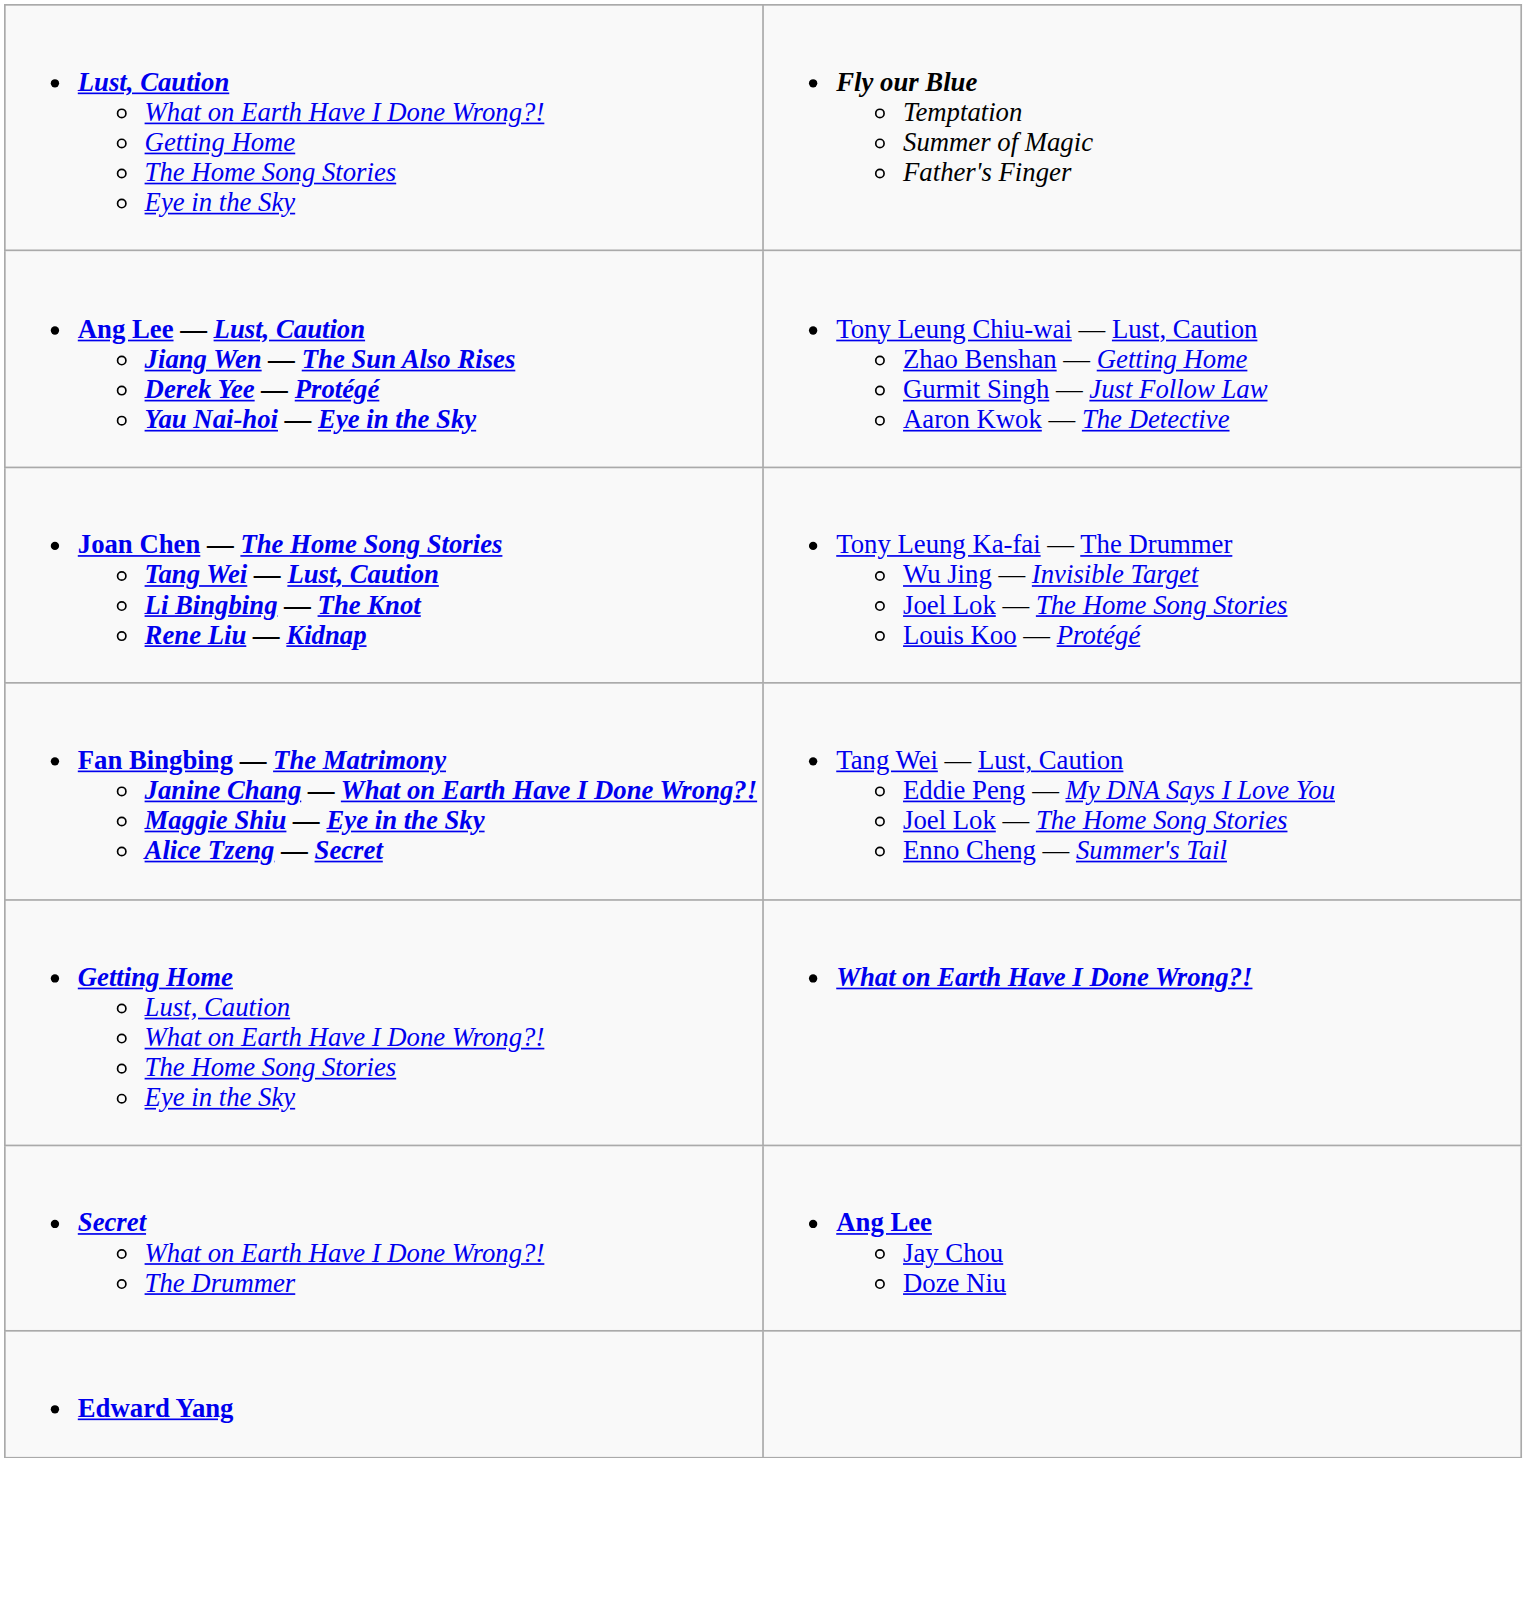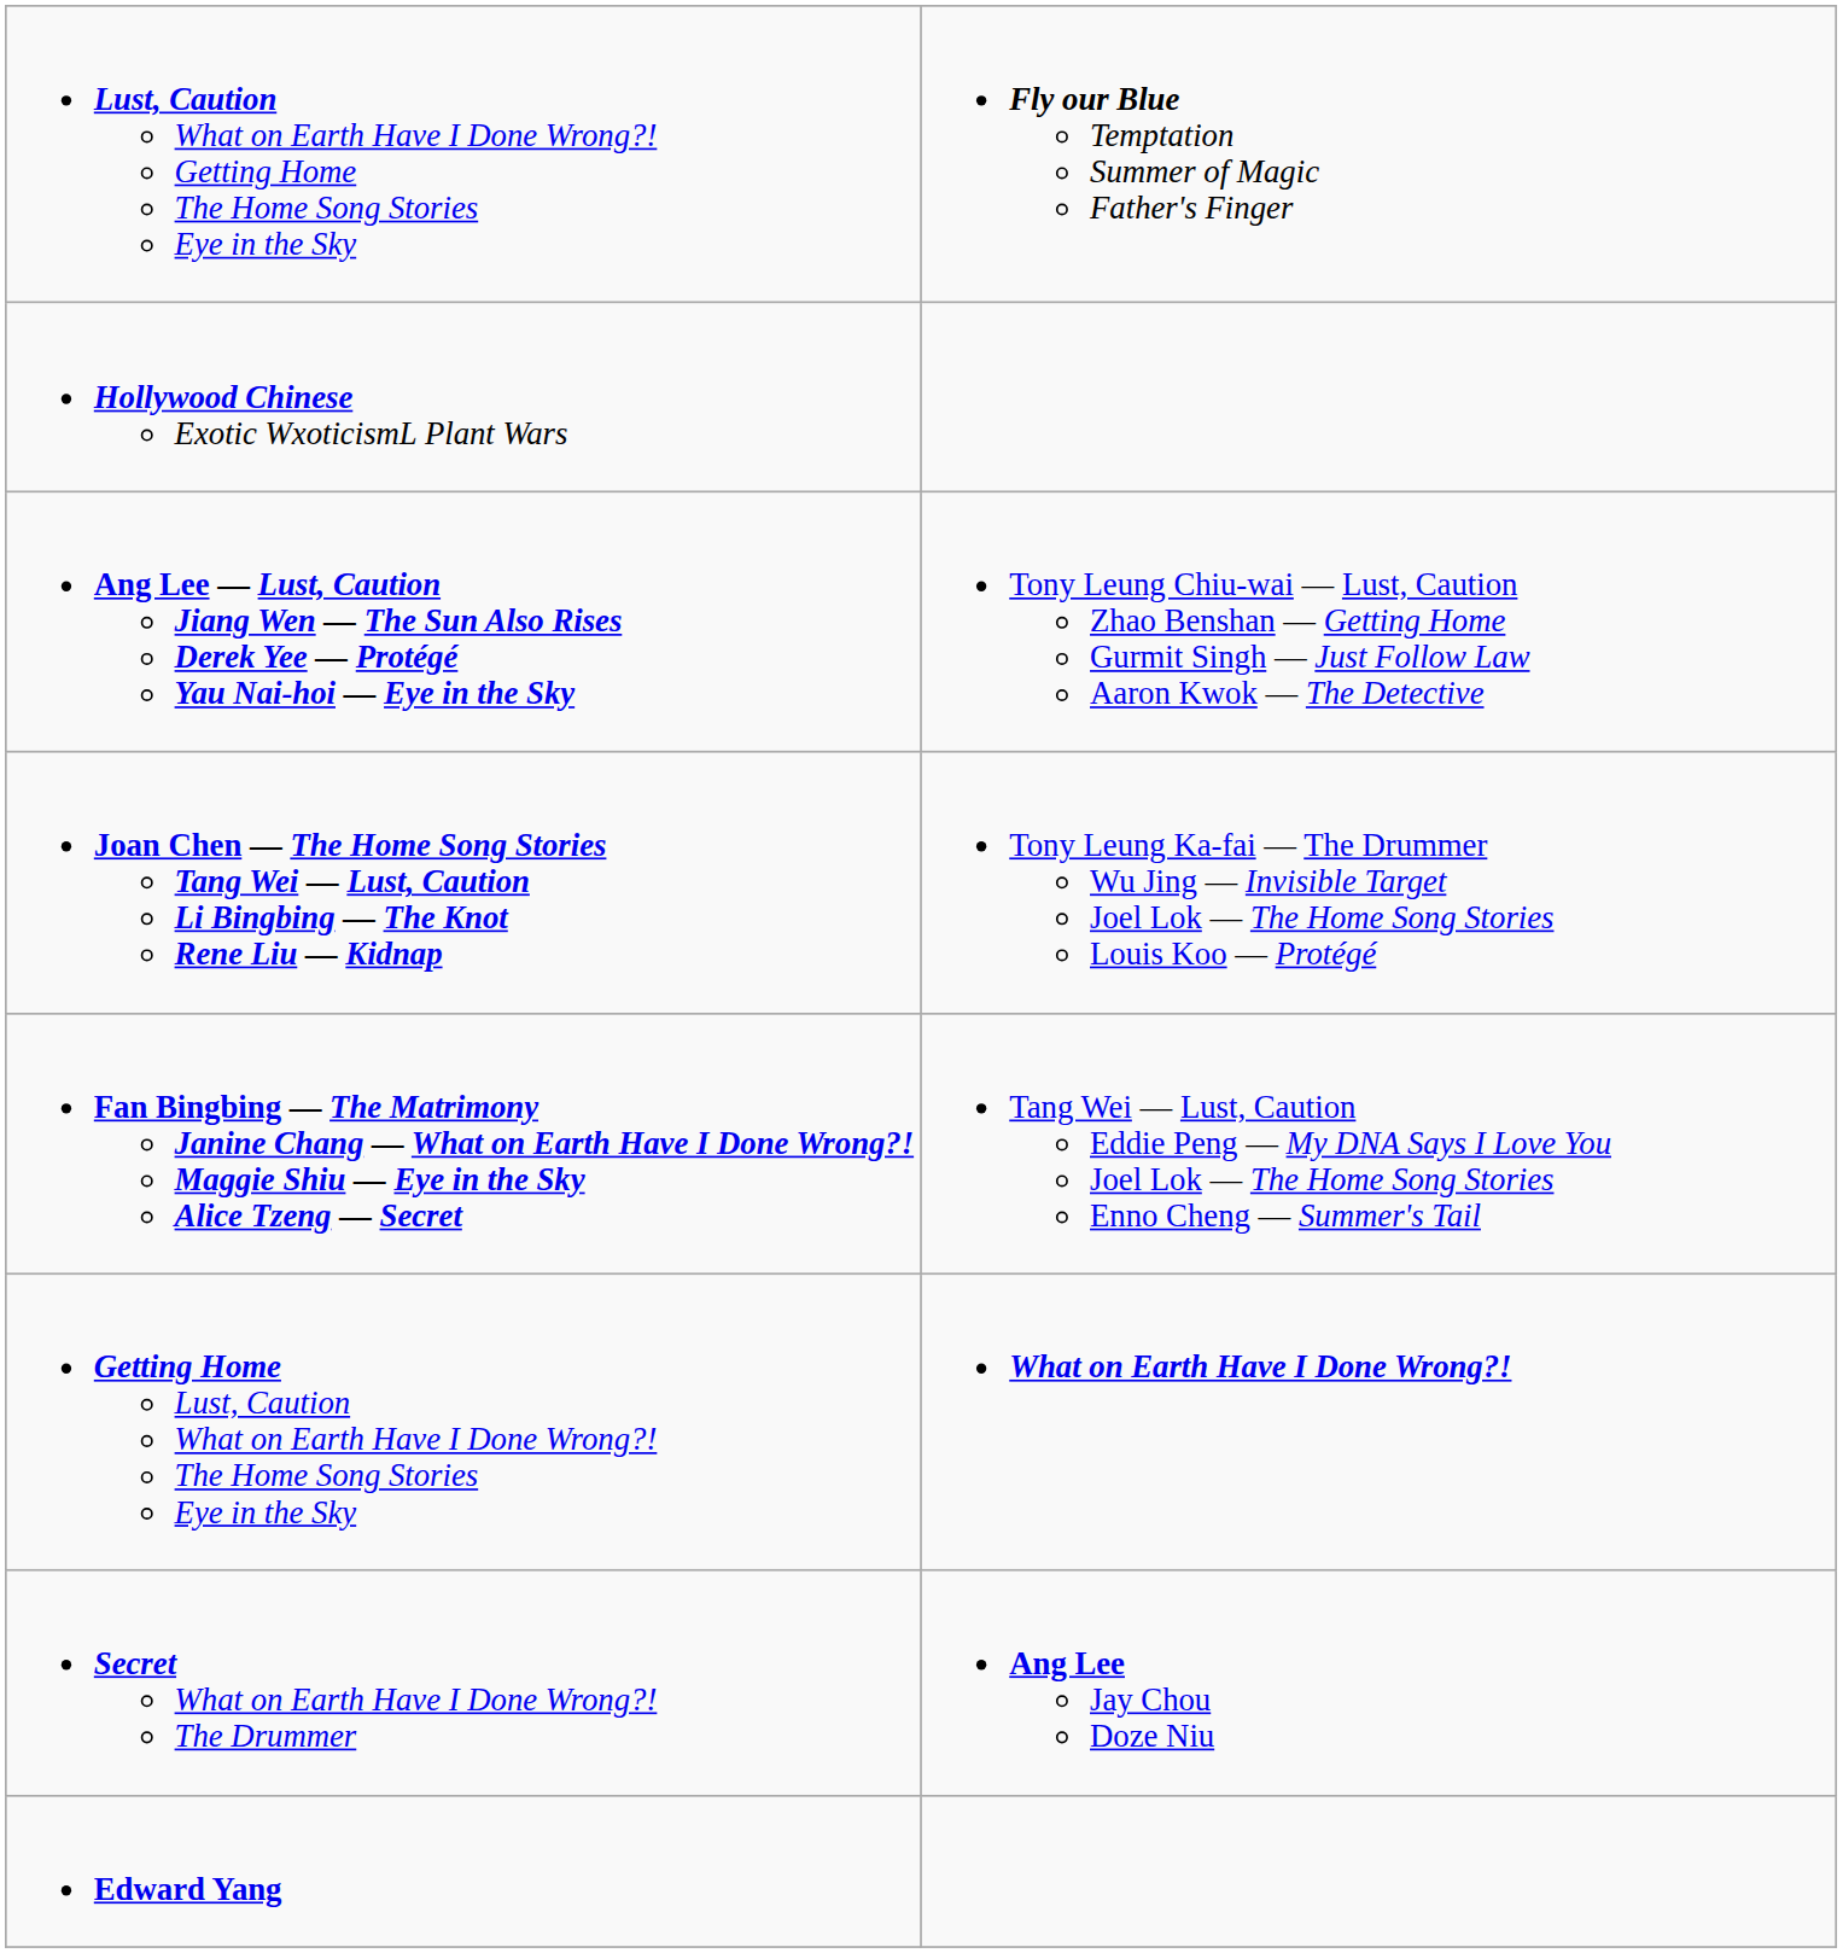 <table class=wikitable>
 <tr>
 <td valign="top" width="50%"><br><ul><li><strong><em><a href='#'>Lust, Caution</a></em></strong><ul><li><em><a href='#'>What on Earth Have I Done Wrong?!</a></em></li><li><em><a href='#'>Getting Home</a></em></li><li><em><a href='#'>The Home Song Stories</a></em></li><li><em><a href='#'>Eye in the Sky</a></em></li></ul></li></ul></td>
 <td valign="top" width="50%"><br><ul><li><strong><em>Fly our Blue</em></strong><ul><li><em>Temptation</em></li><li><em>Summer of Magic</em></li><li><em>Father's Finger</em></li></ul></li></ul></td>
+</tr>
+<tr>
+<td valign="top" width="50%"><br><ul><li><strong><em><a href='#'>Hollywood Chinese</a></em></strong><ul><li><em>Exotic WxoticismL Plant Wars</em></li></ul></li></ul></td>
+<td valign="top" width="50%"><br> </td>
 </tr>
 <tr>
 <td valign="top" width="50%"><br><ul><li><strong><a href='#'>Ang Lee</a> — <em><a href='#'>Lust, Caution</a><strong><em><ul><li><a href='#'>Jiang Wen</a>  — </em><a href='#'>The Sun Also Rises</a><em></li><li><a href='#'>Derek Yee</a> — </em><a href='#'>Protégé</a><em></li><li><a href='#'>Yau Nai-hoi</a> — </em><a href='#'>Eye in the Sky</a><em></li></ul></li></ul></td>
 <td valign="top" width="50%"><br><ul><li></strong><a href='#'>Tony Leung Chiu-wai</a> — </em><a href='#'>Lust, Caution</a></em></strong><ul><li><a href='#'>Zhao Benshan</a> — <em><a href='#'>Getting Home</a></em></li><li><a href='#'>Gurmit Singh</a> — <em><a href='#'>Just Follow Law</a></em></li><li><a href='#'>Aaron Kwok</a> — <em><a href='#'>The Detective</a></em></li></ul></li></ul></td>
 </tr>
 <tr>
 <td valign="top" width="50%"><br><ul><li><strong><a href='#'>Joan Chen</a> — <em><a href='#'>The Home Song Stories</a><strong><em><ul><li><a href='#'>Tang Wei</a> — </em><a href='#'>Lust, Caution</a><em></li><li><a href='#'>Li Bingbing</a> — </em><a href='#'>The Knot</a><em></li><li><a href='#'>Rene Liu</a> — </em><a href='#'>Kidnap</a><em></li></ul></li></ul></td>
 <td valign="top" width="50%"><br><ul><li></strong><a href='#'>Tony Leung Ka-fai</a> — </em><a href='#'>The Drummer</a></em></strong><ul><li><a href='#'>Wu Jing</a> — <em><a href='#'>Invisible Target</a></em></li><li><a href='#'>Joel Lok</a> — <em><a href='#'>The Home Song Stories</a></em></li><li><a href='#'>Louis Koo</a> — <em><a href='#'>Protégé</a></em></li></ul></li></ul></td>
 </tr>
 <tr>
 <td valign="top" width="50%"><br><ul><li><strong><a href='#'>Fan Bingbing</a> — <em><a href='#'>The Matrimony</a><strong><em><ul><li><a href='#'>Janine Chang</a> — </em><a href='#'>What on Earth Have I Done Wrong?!</a><em></li><li><a href='#'>Maggie Shiu</a> — </em><a href='#'>Eye in the Sky</a><em></li><li><a href='#'>Alice Tzeng</a> — </em><a href='#'>Secret</a><em></li></ul></li></ul></td>
 <td valign="top" width="50%"><br><ul><li></strong><a href='#'>Tang Wei</a> — </em><a href='#'>Lust, Caution</a></em></strong><ul><li><a href='#'>Eddie Peng</a> — <em><a href='#'>My DNA Says I Love You</a></em></li><li><a href='#'>Joel Lok</a> — <em><a href='#'>The Home Song Stories</a></em></li><li><a href='#'>Enno Cheng</a> — <em><a href='#'>Summer's Tail</a></em></li></ul></li></ul></td>
 </tr>
 <tr>
 <td valign="top" width="50%"><br><ul><li><strong><em><a href='#'>Getting Home</a></em></strong><ul><li><em><a href='#'>Lust, Caution</a></em></li><li><em><a href='#'>What on Earth Have I Done Wrong?!</a></em></li><li><em><a href='#'>The Home Song Stories</a></em></li><li><em><a href='#'>Eye in the Sky</a></em></li></ul></li></ul></td>
 <td valign="top" width="50%"><br><ul><li><strong><em><a href='#'>What on Earth Have I Done Wrong?!</a></em></strong></li></ul></td>
 </tr>
 <tr>
 <td valign="top" width="50%"><br><ul><li><strong><em><a href='#'>Secret</a></em></strong><ul><li><em><a href='#'>What on Earth Have I Done Wrong?!</a></em></li><li><em><a href='#'>The Drummer</a></em></li></ul></li></ul></td>
 <td valign="top" width="50%"><br><ul><li><strong><a href='#'>Ang Lee</a></strong><ul><li><a href='#'>Jay Chou</a></li><li><a href='#'>Doze Niu</a></li></ul></li></ul></td>
 </tr>
 <tr>
 <td valign="top" width="50%"><br><ul><li><strong><a href='#'>Edward Yang</a></strong></li></ul></td>
 </tr>
 </table>
